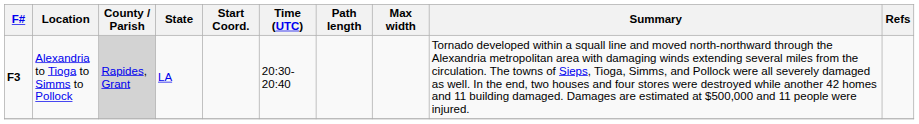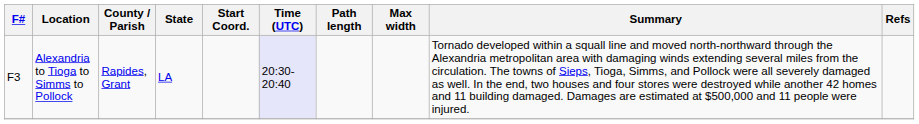 <table class="wikitable sortable" style="width:100%;">
 <tr>
 <th scope="col"  style="width:3%; text-align:center;"><a href='#'>F#</a></th>
 <th scope="col"  style="width:7%; text-align:center;" class="unsortable">Location</th>
 <th scope="col"  style="width:6%; text-align:center;" class="unsortable">County / Parish</th>
 <th scope="col"  style="width:5%; text-align:center;">State</th>
 <th scope="col"  style="width:6%; text-align:center;">Start Coord.</th>
 <th scope="col"  style="width:6%; text-align:center;">Time (<a href='#'>UTC</a>)</th>
 <th scope="col"  style="width:6%; text-align:center;">Path length</th>
 <th scope="col"  style="width:6%; text-align:center;">Max width</th>
 <th scope="col" class="unsortable" style="width:48%; text-align:center;">Summary</th>
 <th scope="col" class="unsortable" style="width:3%; text-align:center;">Refs</th>
 </tr>
 <tr>
-<td bgcolor=><strong>F3</strong></td>
+<td bgcolor=>F3</td>
 <td><a href='#'>Alexandria</a> to <a href='#'>Tioga</a> to <a href='#'>Simms</a> to <a href='#'>Pollock</a></td>
-<td style="background: lightgrey;"><a href='#'>Rapides</a>, <a href='#'>Grant</a></td>
+<td><a href='#'>Rapides</a>, <a href='#'>Grant</a></td>
 <td><a href='#'>LA</a></td>
 <td></td>
-<td>20:30-20:40</td>
+<td style="background: lavender;">20:30-20:40</td>
 <td></td>
 <td></td>
 <td>Tornado developed within a squall line and moved north-northward through the Alexandria metropolitan area with damaging winds extending several miles from the circulation. The towns of <a href='#'>Sieps</a>, Tioga, Simms, and Pollock were all severely damaged as well. In the end, two houses and four stores were destroyed while another 42 homes and 11 building damaged. Damages are estimated at $500,000 and 11 people were injured.</td>
 <td></td>
 </tr>
 <tr>
 </tr>
 </table>
